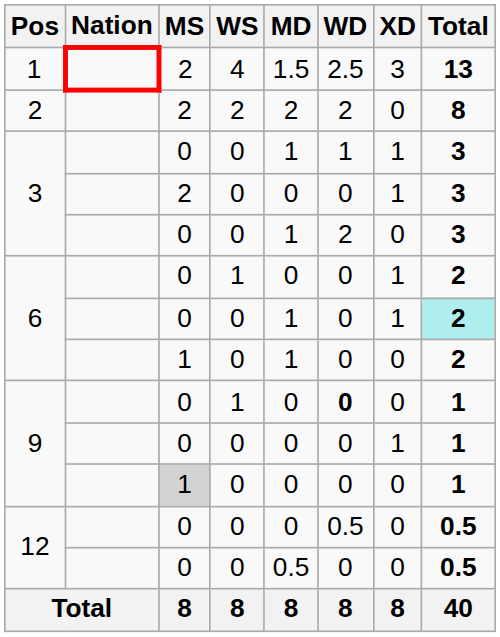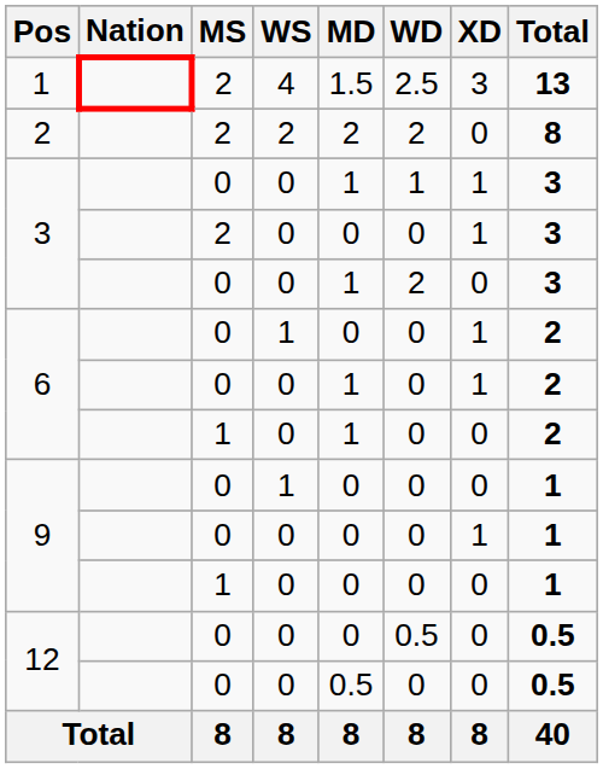 <table class="wikitable" style="text-align:center">
 <tr>
 <th>Pos</th>
 <th>Nation</th>
 <th>MS</th>
 <th>WS</th>
 <th>MD</th>
 <th>WD</th>
 <th>XD</th>
 <th>Total</th>
 </tr>
 <tr>
 <td>1</td>
 <td style="border: 3px solid red" align="left"><strong></strong></td>
 <td>2</td>
 <td>4</td>
 <td>1.5</td>
 <td>2.5</td>
 <td>3</td>
 <td><strong>13</strong></td>
 </tr>
 <tr>
 <td>2</td>
 <td align="left"></td>
 <td>2</td>
 <td>2</td>
 <td>2</td>
 <td>2</td>
 <td>0</td>
 <td><strong>8</strong></td>
 </tr>
 <tr>
 <td rowspan="3">3</td>
 <td align="left"></td>
 <td>0</td>
 <td>0</td>
 <td>1</td>
 <td>1</td>
 <td>1</td>
 <td><strong>3</strong></td>
 </tr>
 <tr>
 <td align="left"></td>
 <td>2</td>
 <td>0</td>
 <td>0</td>
 <td>0</td>
 <td>1</td>
 <td><strong>3</strong></td>
 </tr>
 <tr>
 <td align="left"></td>
 <td>0</td>
 <td>0</td>
 <td>1</td>
 <td>2</td>
 <td>0</td>
 <td><strong>3</strong></td>
 </tr>
 <tr>
 <td rowspan="3">6</td>
 <td align="left"></td>
 <td>0</td>
 <td>1</td>
 <td>0</td>
 <td>0</td>
 <td>1</td>
 <td><strong>2</strong></td>
 </tr>
 <tr>
 <td align="left"></td>
 <td>0</td>
 <td>0</td>
 <td>1</td>
 <td>0</td>
 <td>1</td>
-<td style="background: paleturquoise;"><strong>2</strong></td>
+<td><strong>2</strong></td>
 </tr>
 <tr>
 <td align="left"></td>
 <td>1</td>
 <td>0</td>
 <td>1</td>
 <td>0</td>
 <td>0</td>
 <td><strong>2</strong></td>
 </tr>
 <tr>
 <td rowspan="3">9</td>
 <td align="left"></td>
 <td>0</td>
 <td>1</td>
 <td>0</td>
-<td><strong>0</strong></td>
+<td>0</td>
 <td>0</td>
 <td><strong>1</strong></td>
 </tr>
 <tr>
 <td align="left"></td>
 <td>0</td>
 <td>0</td>
 <td>0</td>
 <td>0</td>
 <td>1</td>
 <td><strong>1</strong></td>
 </tr>
 <tr>
 <td align="left"></td>
-<td style="background: lightgrey;">1</td>
+<td>1</td>
 <td>0</td>
 <td>0</td>
 <td>0</td>
 <td>0</td>
 <td><strong>1</strong></td>
 </tr>
 <tr>
 <td rowspan="2">12</td>
 <td align="left"></td>
 <td>0</td>
 <td>0</td>
 <td>0</td>
 <td>0.5</td>
 <td>0</td>
 <td><strong>0.5</strong></td>
 </tr>
 <tr>
 <td align="left"></td>
 <td>0</td>
 <td>0</td>
 <td>0.5</td>
 <td>0</td>
 <td>0</td>
 <td><strong>0.5</strong></td>
 </tr>
 <tr>
 <th colspan="2">Total</th>
 <th>8</th>
 <th>8</th>
 <th>8</th>
 <th>8</th>
 <th>8</th>
 <th>40</th>
 </tr>
 </table>
